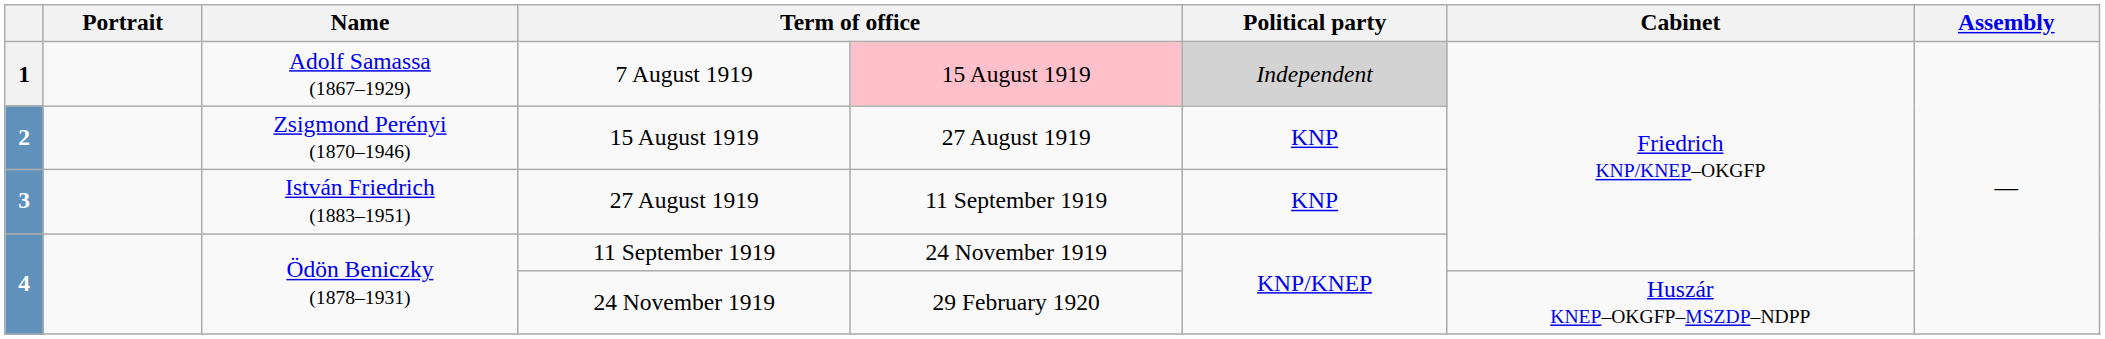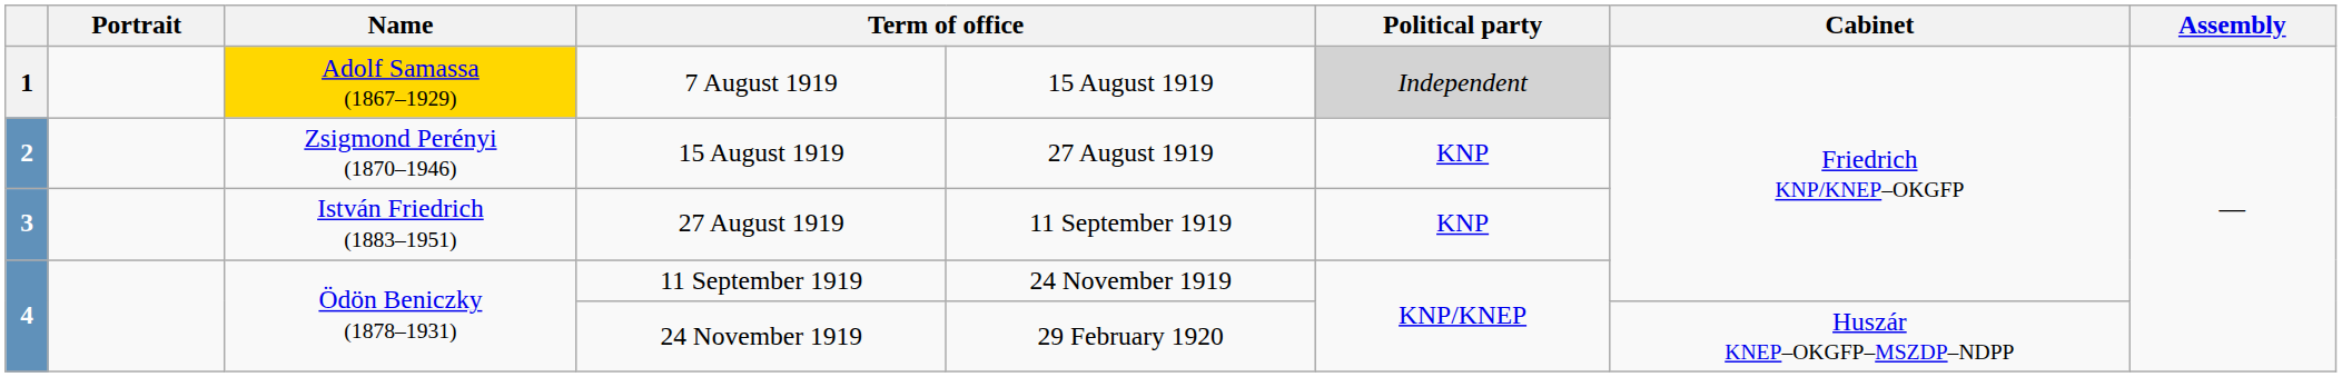 <table class="wikitable" style="width:90%; text-align:center;">
 <tr>
 <th></th>
 <th>Portrait</th>
 <th>Name<br></th>
 <th colspan=2>Term of office</th>
 <th>Political party</th>
 <th>Cabinet</th>
 <th><a href='#'>Assembly</a><br></th>
 </tr>
 <tr>
 <th style="background:">1</th>
 <td></td>
-<td><a href='#'>Adolf Samassa</a><br><small>(1867–1929)</small></td>
+<td style="background: gold;"><a href='#'>Adolf Samassa</a><br><small>(1867–1929)</small></td>
 <td>7 August 1919</td>
-<td style="background: pink;">15 August 1919</td>
+<td>15 August 1919</td>
 <td style="background: lightgrey;"><em>Independent</em></td>
 <td rowspan="4"><a href='#'>Friedrich</a><br><small><a href='#'>KNP/KNEP</a>–OKGFP</small></td>
 <td rowspan="5">—</td>
 </tr>
 <tr>
 <th style="background:#6091ba; color:white;">2</th>
 <td></td>
 <td><a href='#'>Zsigmond Perényi</a><br><small>(1870–1946)</small></td>
 <td>15 August 1919</td>
 <td>27 August 1919</td>
 <td><a href='#'>KNP</a></td>
 </tr>
 <tr>
 <th style="background:#6091ba; color:white;">3</th>
 <td></td>
 <td><a href='#'>István Friedrich</a><br><small>(1883–1951)</small></td>
 <td>27 August 1919</td>
 <td>11 September 1919</td>
 <td><a href='#'>KNP</a></td>
 </tr>
 <tr>
 <th rowspan="2" style="background:#6091ba; color:white;">4</th>
 <td rowspan="2"></td>
 <td rowspan="2"><a href='#'>Ödön Beniczky</a><br><small>(1878–1931)</small></td>
 <td>11 September 1919</td>
 <td>24 November 1919</td>
 <td rowspan="2"><a href='#'>KNP/KNEP</a></td>
 </tr>
 <tr>
 <td>24 November 1919</td>
 <td>29 February 1920</td>
 <td><a href='#'>Huszár</a><br><small><a href='#'>KNEP</a>–OKGFP–<a href='#'>MSZDP</a>–NDPP</small></td>
 </tr>
 </table>
